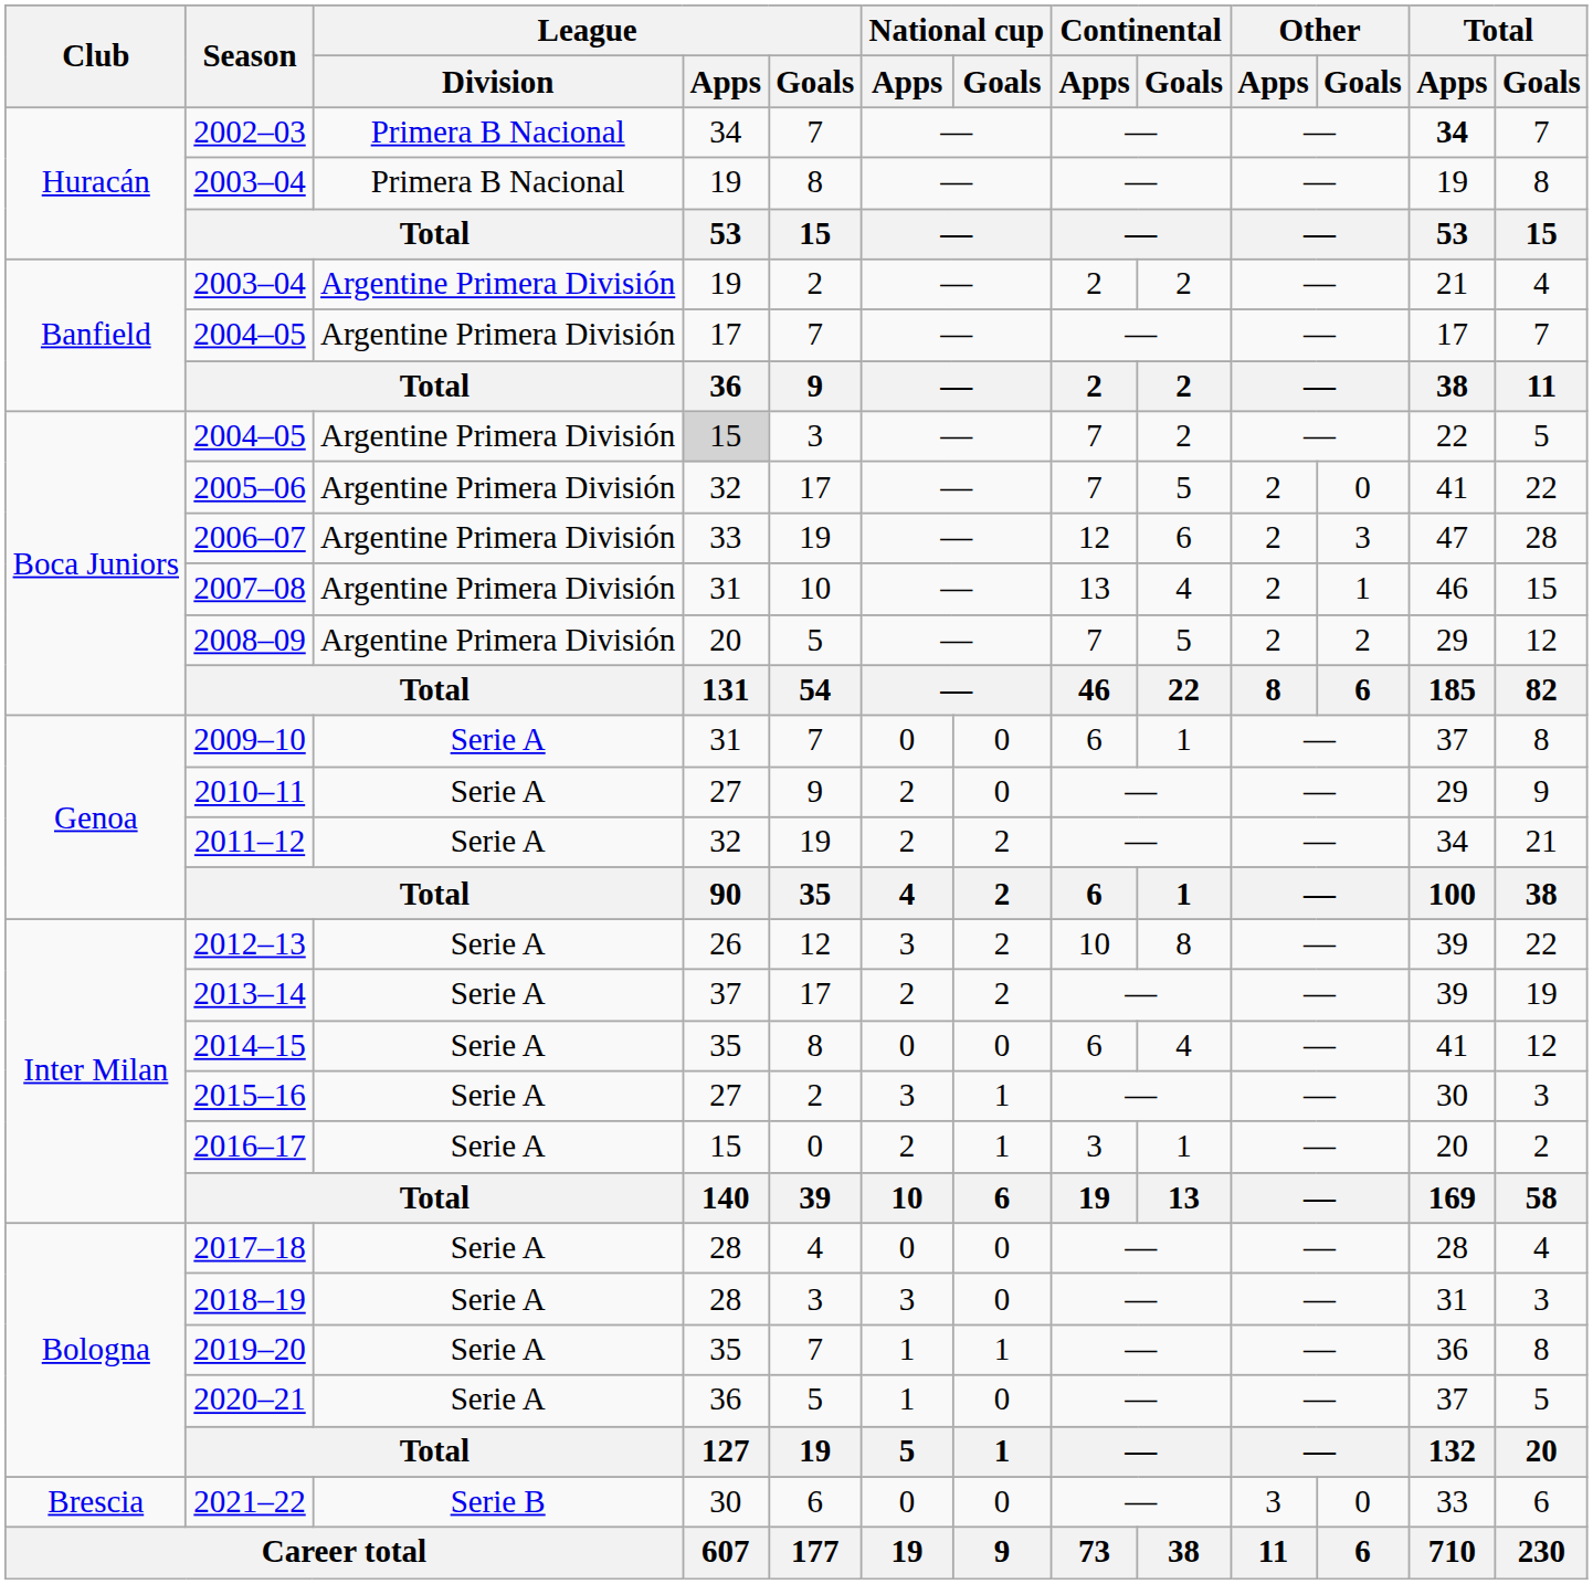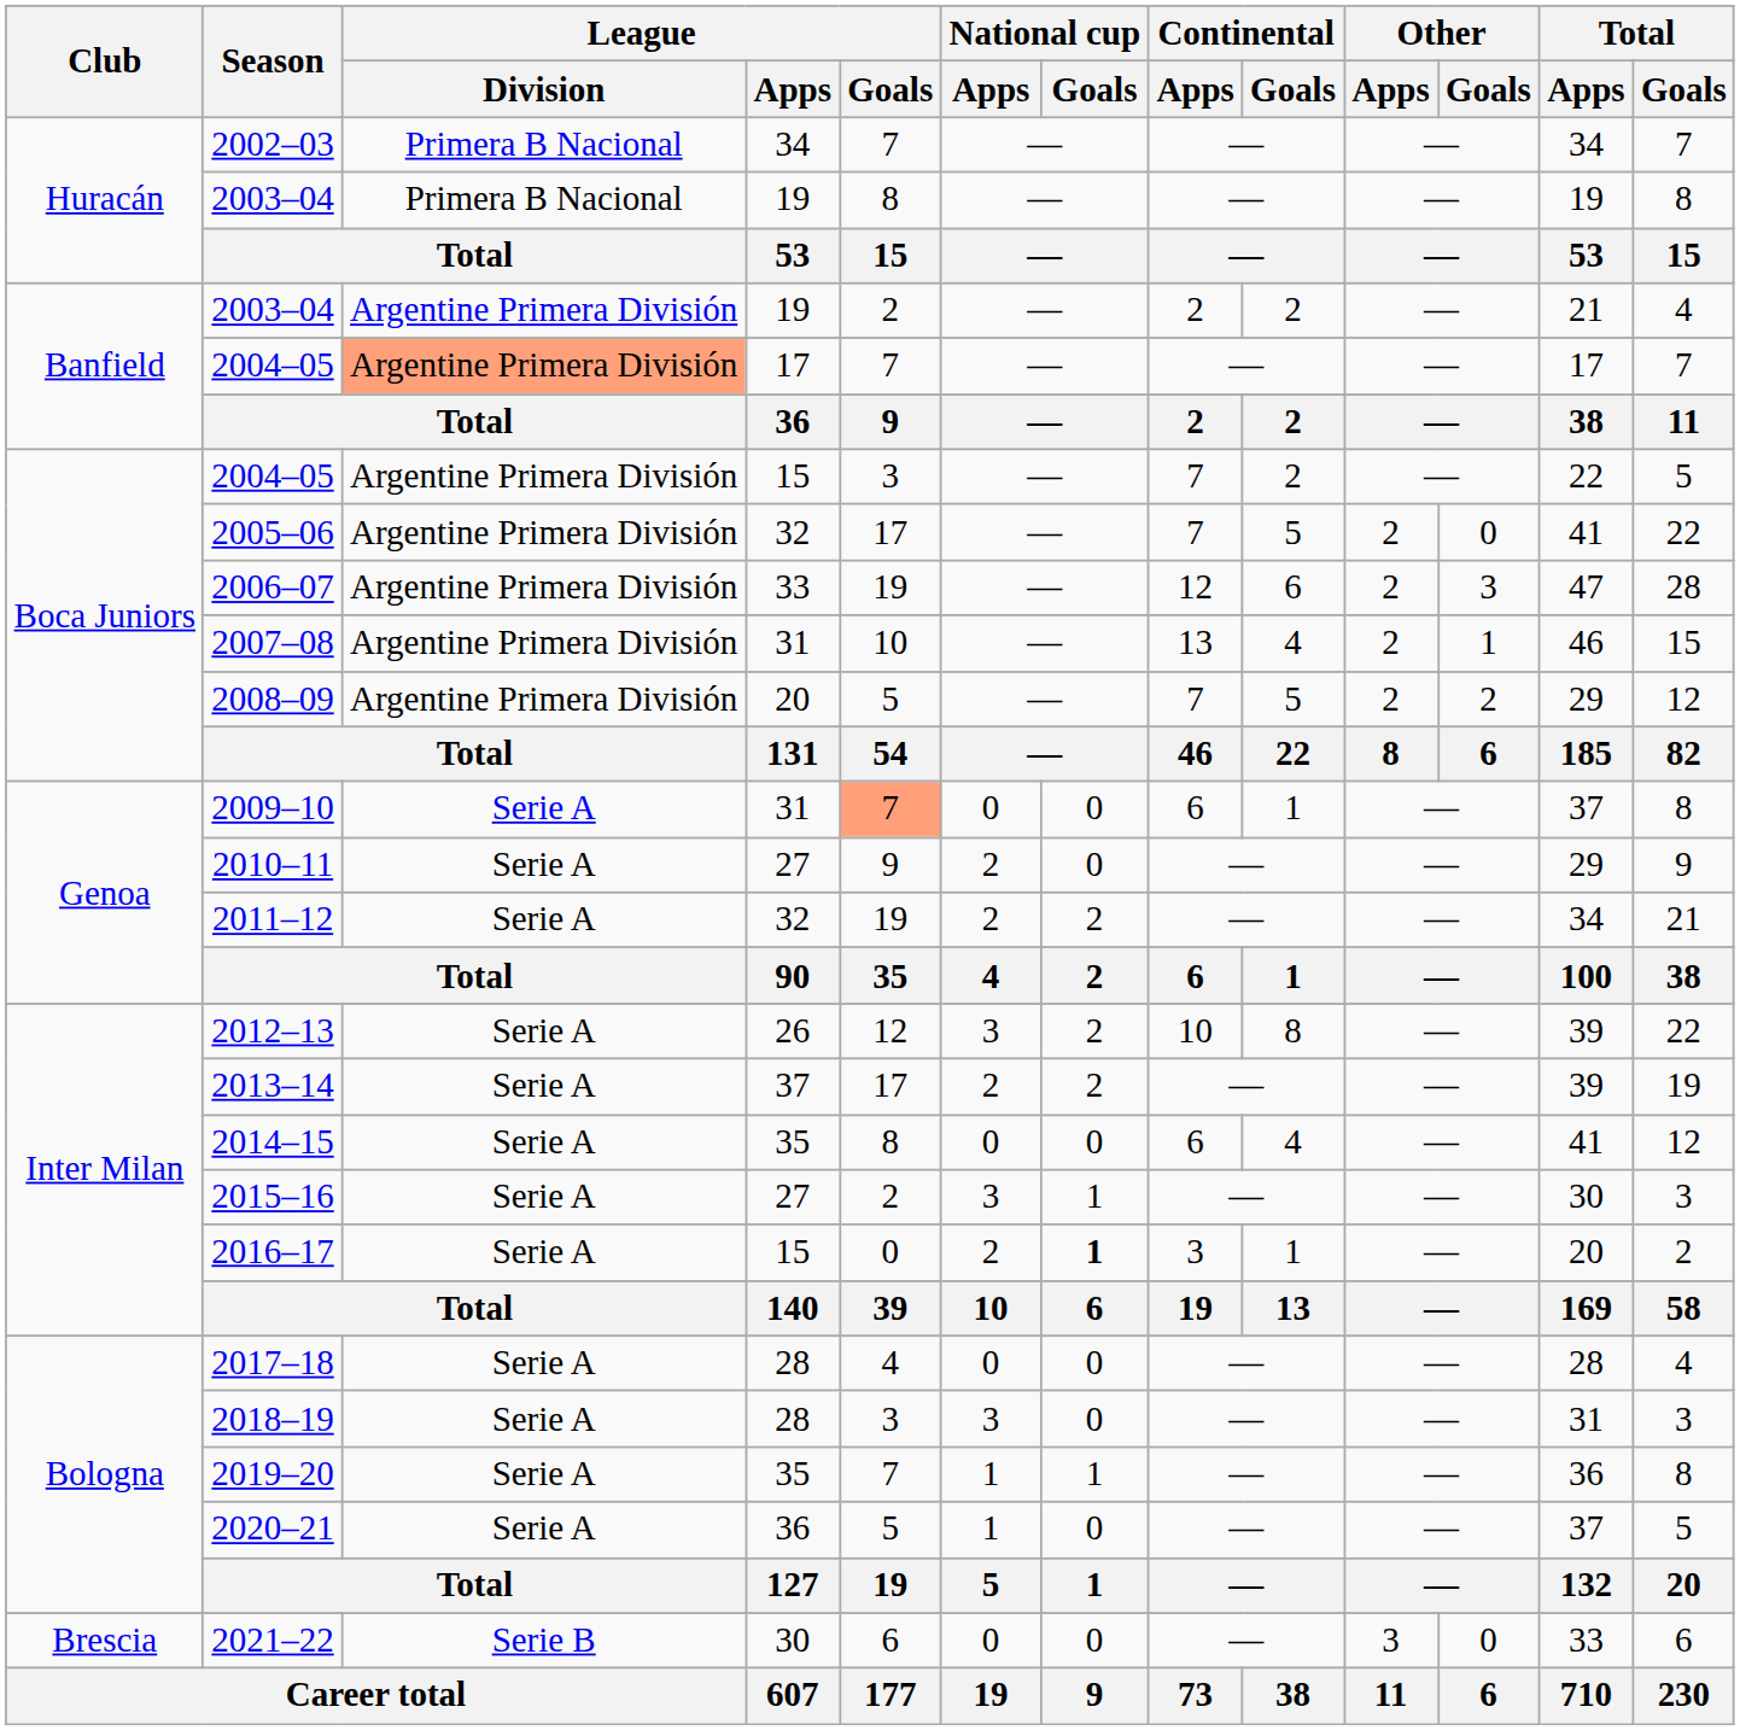 <table class="wikitable" style="text-align:center">
 <tr>
 <th rowspan="2">Club</th>
 <th rowspan="2">Season</th>
 <th colspan="3">League</th>
 <th colspan="2">National cup</th>
 <th colspan="2">Continental</th>
 <th colspan="2">Other</th>
 <th colspan="2">Total</th>
 </tr>
 <tr>
 <th>Division</th>
 <th>Apps</th>
 <th>Goals</th>
 <th>Apps</th>
 <th>Goals</th>
 <th>Apps</th>
 <th>Goals</th>
 <th>Apps</th>
 <th>Goals</th>
 <th>Apps</th>
 <th>Goals</th>
 </tr>
 <tr>
 <td rowspan="3"><a href='#'>Huracán</a></td>
 <td><a href='#'>2002–03</a></td>
 <td><a href='#'>Primera B Nacional</a></td>
 <td>34</td>
 <td>7</td>
 <td colspan="2">—</td>
 <td colspan="2">—</td>
 <td colspan="2">—</td>
-<td><strong>34</strong></td>
+<td>34</td>
 <td>7</td>
 </tr>
 <tr>
 <td><a href='#'>2003–04</a></td>
 <td>Primera B Nacional</td>
 <td>19</td>
 <td>8</td>
 <td colspan="2">—</td>
 <td colspan="2">—</td>
 <td colspan="2">—</td>
 <td>19</td>
 <td>8</td>
 </tr>
 <tr>
 <th colspan="2">Total</th>
 <th>53</th>
 <th>15</th>
 <th colspan="2">—</th>
 <th colspan="2">—</th>
 <th colspan="2">—</th>
 <th>53</th>
 <th>15</th>
 </tr>
 <tr>
 <td rowspan="3"><a href='#'>Banfield</a></td>
 <td><a href='#'>2003–04</a></td>
 <td><a href='#'>Argentine Primera División</a></td>
 <td>19</td>
 <td>2</td>
 <td colspan="2">—</td>
 <td>2</td>
 <td>2</td>
 <td colspan="2">—</td>
 <td>21</td>
 <td>4</td>
 </tr>
 <tr>
 <td><a href='#'>2004–05</a></td>
-<td>Argentine Primera División</td>
+<td style="background: lightsalmon;">Argentine Primera División</td>
 <td>17</td>
 <td>7</td>
 <td colspan="2">—</td>
 <td colspan="2">—</td>
 <td colspan="2">—</td>
 <td>17</td>
 <td>7</td>
 </tr>
 <tr>
 <th colspan="2">Total</th>
 <th>36</th>
 <th>9</th>
 <th colspan="2">—</th>
 <th>2</th>
 <th>2</th>
 <th colspan="2">—</th>
 <th>38</th>
 <th>11</th>
 </tr>
 <tr>
 <td rowspan="6"><a href='#'>Boca Juniors</a></td>
 <td><a href='#'>2004–05</a></td>
 <td>Argentine Primera División</td>
-<td style="background: lightgrey;">15</td>
+<td>15</td>
 <td>3</td>
 <td colspan="2">—</td>
 <td>7</td>
 <td>2</td>
 <td colspan="2">—</td>
 <td>22</td>
 <td>5</td>
 </tr>
 <tr>
 <td><a href='#'>2005–06</a></td>
 <td>Argentine Primera División</td>
 <td>32</td>
 <td>17</td>
 <td colspan="2">—</td>
 <td>7</td>
 <td>5</td>
 <td>2</td>
 <td>0</td>
 <td>41</td>
 <td>22</td>
 </tr>
 <tr>
 <td><a href='#'>2006–07</a></td>
 <td>Argentine Primera División</td>
 <td>33</td>
 <td>19</td>
 <td colspan="2">—</td>
 <td>12</td>
 <td>6</td>
 <td>2</td>
 <td>3</td>
 <td>47</td>
 <td>28</td>
 </tr>
 <tr>
 <td><a href='#'>2007–08</a></td>
 <td>Argentine Primera División</td>
 <td>31</td>
 <td>10</td>
 <td colspan="2">—</td>
 <td>13</td>
 <td>4</td>
 <td>2</td>
 <td>1</td>
 <td>46</td>
 <td>15</td>
 </tr>
 <tr>
 <td><a href='#'>2008–09</a></td>
 <td>Argentine Primera División</td>
 <td>20</td>
 <td>5</td>
 <td colspan="2">—</td>
 <td>7</td>
 <td>5</td>
 <td>2</td>
 <td>2</td>
 <td>29</td>
 <td>12</td>
 </tr>
 <tr>
 <th colspan="2">Total</th>
 <th>131</th>
 <th>54</th>
 <th colspan="2">—</th>
 <th>46</th>
 <th>22</th>
 <th>8</th>
 <th>6</th>
 <th>185</th>
 <th>82</th>
 </tr>
 <tr>
 <td rowspan="4"><a href='#'>Genoa</a></td>
 <td><a href='#'>2009–10</a></td>
 <td><a href='#'>Serie A</a></td>
 <td>31</td>
-<td>7</td>
+<td style="background: lightsalmon;">7</td>
 <td>0</td>
 <td>0</td>
 <td>6</td>
 <td>1</td>
 <td colspan="2">—</td>
 <td>37</td>
 <td>8</td>
 </tr>
 <tr>
 <td><a href='#'>2010–11</a></td>
 <td>Serie A</td>
 <td>27</td>
 <td>9</td>
 <td>2</td>
 <td>0</td>
 <td colspan="2">—</td>
 <td colspan="2">—</td>
 <td>29</td>
 <td>9</td>
 </tr>
 <tr>
 <td><a href='#'>2011–12</a></td>
 <td>Serie A</td>
 <td>32</td>
 <td>19</td>
 <td>2</td>
 <td>2</td>
 <td colspan="2">—</td>
 <td colspan="2">—</td>
 <td>34</td>
 <td>21</td>
 </tr>
 <tr>
 <th colspan="2">Total</th>
 <th>90</th>
 <th>35</th>
 <th>4</th>
 <th>2</th>
 <th>6</th>
 <th>1</th>
 <th colspan="2">—</th>
 <th>100</th>
 <th>38</th>
 </tr>
 <tr>
 <td rowspan="6"><a href='#'>Inter Milan</a></td>
 <td><a href='#'>2012–13</a></td>
 <td>Serie A</td>
 <td>26</td>
 <td>12</td>
 <td>3</td>
 <td>2</td>
 <td>10</td>
 <td>8</td>
 <td colspan="2">—</td>
 <td>39</td>
 <td>22</td>
 </tr>
 <tr>
 <td><a href='#'>2013–14</a></td>
 <td>Serie A</td>
 <td>37</td>
 <td>17</td>
 <td>2</td>
 <td>2</td>
 <td colspan="2">—</td>
 <td colspan="2">—</td>
 <td>39</td>
 <td>19</td>
 </tr>
 <tr>
 <td><a href='#'>2014–15</a></td>
 <td>Serie A</td>
 <td>35</td>
 <td>8</td>
 <td>0</td>
 <td>0</td>
 <td>6</td>
 <td>4</td>
 <td colspan="2">—</td>
 <td>41</td>
 <td>12</td>
 </tr>
 <tr>
 <td><a href='#'>2015–16</a></td>
 <td>Serie A</td>
 <td>27</td>
 <td>2</td>
 <td>3</td>
 <td>1</td>
 <td colspan="2">—</td>
 <td colspan="2">—</td>
 <td>30</td>
 <td>3</td>
 </tr>
 <tr>
 <td><a href='#'>2016–17</a></td>
 <td>Serie A</td>
 <td>15</td>
 <td>0</td>
 <td>2</td>
-<td>1</td>
+<td><strong>1</strong></td>
 <td>3</td>
 <td>1</td>
 <td colspan="2">—</td>
 <td>20</td>
 <td>2</td>
 </tr>
 <tr>
 <th colspan="2">Total</th>
 <th>140</th>
 <th>39</th>
 <th>10</th>
 <th>6</th>
 <th>19</th>
 <th>13</th>
 <th colspan="2">—</th>
 <th>169</th>
 <th>58</th>
 </tr>
 <tr>
 <td rowspan="5"><a href='#'>Bologna</a></td>
 <td><a href='#'>2017–18</a></td>
 <td>Serie A</td>
 <td>28</td>
 <td>4</td>
 <td>0</td>
 <td>0</td>
 <td colspan="2">—</td>
 <td colspan="2">—</td>
 <td>28</td>
 <td>4</td>
 </tr>
 <tr>
 <td><a href='#'>2018–19</a></td>
 <td>Serie A</td>
 <td>28</td>
 <td>3</td>
 <td>3</td>
 <td>0</td>
 <td colspan="2">—</td>
 <td colspan="2">—</td>
 <td>31</td>
 <td>3</td>
 </tr>
 <tr>
 <td><a href='#'>2019–20</a></td>
 <td>Serie A</td>
 <td>35</td>
 <td>7</td>
 <td>1</td>
 <td>1</td>
 <td colspan="2">—</td>
 <td colspan="2">—</td>
 <td>36</td>
 <td>8</td>
 </tr>
 <tr>
 <td><a href='#'>2020–21</a></td>
 <td>Serie A</td>
 <td>36</td>
 <td>5</td>
 <td>1</td>
 <td>0</td>
 <td colspan="2">—</td>
 <td colspan="2">—</td>
 <td>37</td>
 <td>5</td>
 </tr>
 <tr>
 <th colspan="2">Total</th>
 <th>127</th>
 <th>19</th>
 <th>5</th>
 <th>1</th>
 <th colspan="2">—</th>
 <th colspan="2">—</th>
 <th>132</th>
 <th>20</th>
 </tr>
 <tr>
 <td><a href='#'>Brescia</a></td>
 <td><a href='#'>2021–22</a></td>
 <td><a href='#'>Serie B</a></td>
 <td>30</td>
 <td>6</td>
 <td>0</td>
 <td>0</td>
 <td colspan="2">—</td>
 <td>3</td>
 <td>0</td>
 <td>33</td>
 <td>6</td>
 </tr>
 <tr>
 <th colspan="3">Career total</th>
 <th>607</th>
 <th>177</th>
 <th>19</th>
 <th>9</th>
 <th>73</th>
 <th>38</th>
 <th>11</th>
 <th>6</th>
 <th>710</th>
 <th>230</th>
 </tr>
 </table>
